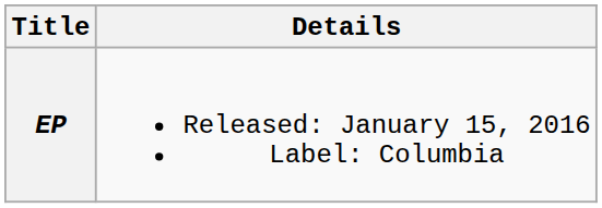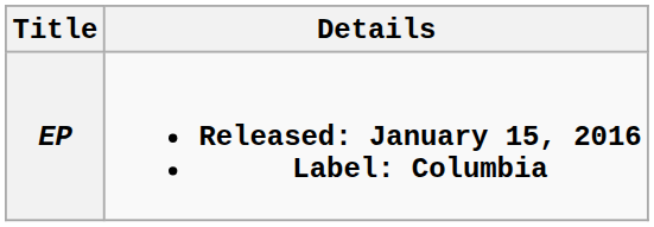 <table class="wikitable plainrowheaders" style="text-align:center;">
 <tr>
 <th scope="col">Title</th>
 <th scope="col">Details</th>
 </tr>
 <tr>
 <th scope="row"><em>EP</em></th>
-<td><br><ul><li>Released: January 15, 2016</li><li>Label: Columbia</li></ul></td>
+<td><strong><br><ul><li>Released: January 15, 2016</li><li>Label: Columbia</li></ul></strong></td>
 </tr>
 </table>
